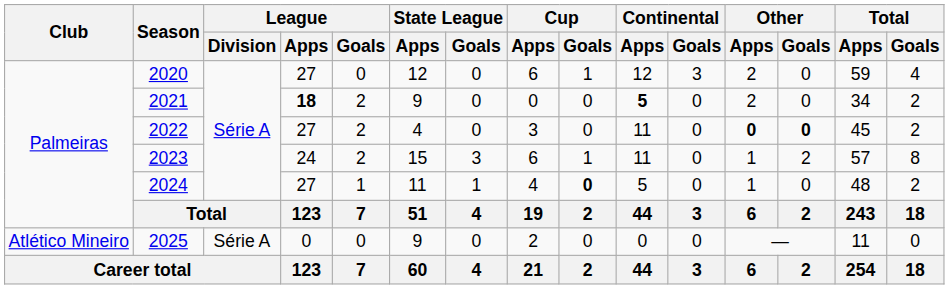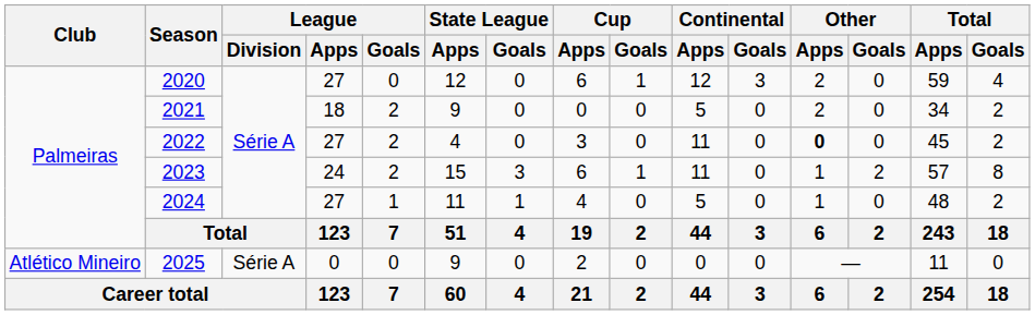 <table class="wikitable" style="text-align: center;">
 <tr>
 <th rowspan="2">Club</th>
 <th rowspan="2">Season</th>
 <th colspan="3">League</th>
 <th colspan="2">State League</th>
 <th colspan="2">Cup</th>
 <th colspan="2">Continental</th>
 <th colspan="2">Other</th>
 <th colspan="2">Total</th>
 </tr>
 <tr>
 <th>Division</th>
 <th>Apps</th>
 <th>Goals</th>
 <th>Apps</th>
 <th>Goals</th>
 <th>Apps</th>
 <th>Goals</th>
 <th>Apps</th>
 <th>Goals</th>
 <th>Apps</th>
 <th>Goals</th>
 <th>Apps</th>
 <th>Goals</th>
 </tr>
 <tr>
 <td rowspan="6" valign="center"><a href='#'>Palmeiras</a></td>
 <td><a href='#'>2020</a></td>
 <td rowspan="5"><a href='#'>Série A</a></td>
 <td>27</td>
 <td>0</td>
 <td>12</td>
 <td>0</td>
 <td>6</td>
 <td>1</td>
 <td>12</td>
 <td>3</td>
 <td>2</td>
 <td>0</td>
 <td>59</td>
 <td>4</td>
 </tr>
 <tr>
 <td><a href='#'>2021</a></td>
-<td><strong>18</strong></td>
+<td>18</td>
 <td>2</td>
 <td>9</td>
 <td>0</td>
 <td>0</td>
 <td>0</td>
-<td><strong>5</strong></td>
+<td>5</td>
 <td>0</td>
 <td>2</td>
 <td>0</td>
 <td>34</td>
 <td>2</td>
 </tr>
 <tr>
 <td><a href='#'>2022</a></td>
 <td>27</td>
 <td>2</td>
 <td>4</td>
 <td>0</td>
 <td>3</td>
 <td>0</td>
 <td>11</td>
 <td>0</td>
 <td><strong>0</strong></td>
-<td><strong>0</strong></td>
+<td>0</td>
 <td>45</td>
 <td>2</td>
 </tr>
 <tr>
 <td><a href='#'>2023</a></td>
 <td>24</td>
 <td>2</td>
 <td>15</td>
 <td>3</td>
 <td>6</td>
 <td>1</td>
 <td>11</td>
 <td>0</td>
 <td>1</td>
 <td>2</td>
 <td>57</td>
 <td>8</td>
 </tr>
 <tr>
 <td><a href='#'>2024</a></td>
 <td>27</td>
 <td>1</td>
 <td>11</td>
 <td>1</td>
 <td>4</td>
-<td><strong>0</strong></td>
+<td>0</td>
 <td>5</td>
 <td>0</td>
 <td>1</td>
 <td>0</td>
 <td>48</td>
 <td>2</td>
 </tr>
 <tr>
 <th colspan=2>Total</th>
 <th>123</th>
 <th>7</th>
 <th>51</th>
 <th>4</th>
 <th>19</th>
 <th>2</th>
 <th>44</th>
 <th>3</th>
 <th>6</th>
 <th>2</th>
 <th>243</th>
 <th>18</th>
 </tr>
 <tr>
 <td rowspan="1" valign="center"><a href='#'>Atlético Mineiro</a></td>
 <td><a href='#'>2025</a></td>
 <td rowspan="1">Série A</td>
 <td>0</td>
 <td>0</td>
 <td>9</td>
 <td>0</td>
 <td>2</td>
 <td>0</td>
 <td>0</td>
 <td>0</td>
 <td colspan="2">—</td>
 <td>11</td>
 <td>0</td>
 </tr>
 <tr>
 <th colspan="3"><strong>Career total</strong></th>
 <th>123</th>
 <th>7</th>
 <th>60</th>
 <th>4</th>
 <th>21</th>
 <th>2</th>
 <th>44</th>
 <th>3</th>
 <th>6</th>
 <th>2</th>
 <th>254</th>
 <th>18</th>
 </tr>
 </table>
